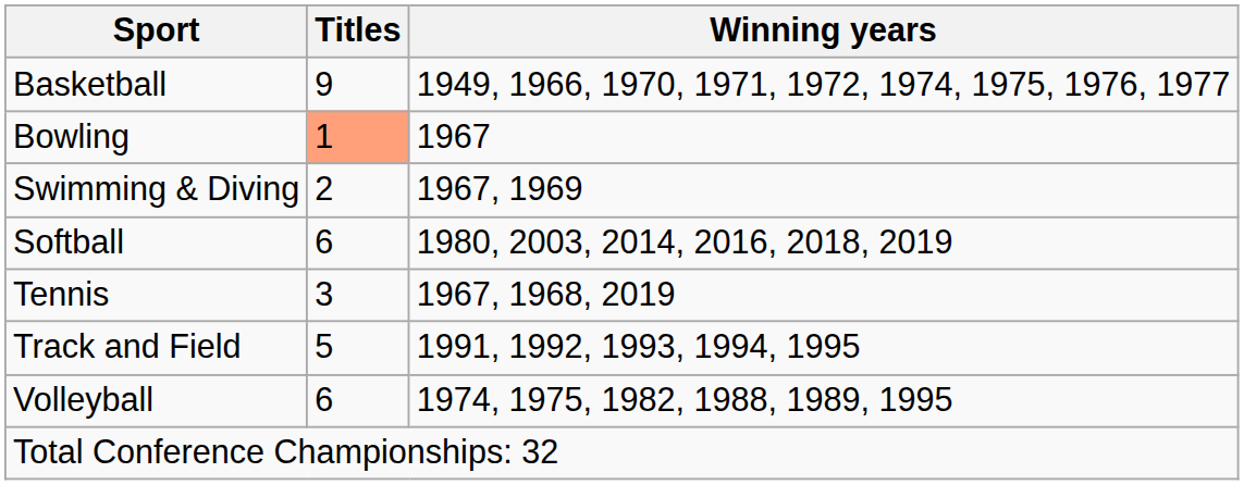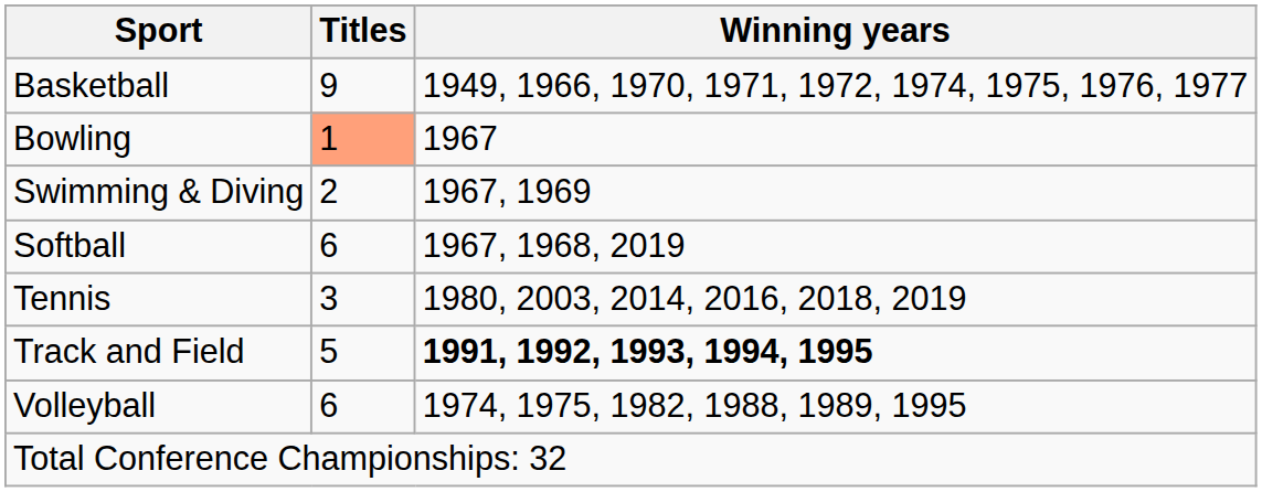 <table class= wikitable>
 <tr>
 <th width=px>Sport</th>
 <th width=px>Titles</th>
 <th width=px>Winning years</th>
 </tr>
 <tr>
 <td>Basketball</td>
 <td>9</td>
 <td>1949, 1966, 1970, 1971, 1972, 1974, 1975, 1976, 1977</td>
 </tr>
 <tr>
 <td>Bowling</td>
 <td style="background: lightsalmon;">1</td>
 <td>1967</td>
 </tr>
 <tr>
 <td>Swimming & Diving</td>
 <td>2</td>
 <td>1967, 1969</td>
 </tr>
 <tr>
 <td>Softball</td>
 <td>6</td>
-<td>1980, 2003, 2014, 2016, 2018, 2019</td>
+<td>1967, 1968, 2019</td>
 </tr>
 <tr>
 <td>Tennis</td>
 <td>3</td>
-<td>1967, 1968, 2019</td>
+<td>1980, 2003, 2014, 2016, 2018, 2019</td>
 </tr>
 <tr>
 <td>Track and Field</td>
 <td>5</td>
-<td>1991, 1992, 1993, 1994, 1995</td>
+<td><strong>1991, 1992, 1993, 1994, 1995</strong></td>
 </tr>
 <tr>
 <td>Volleyball</td>
 <td>6</td>
 <td>1974, 1975, 1982, 1988, 1989, 1995</td>
 </tr>
 <tr>
 <td colspan="4">Total Conference Championships: 32</td>
 </tr>
 </table>
